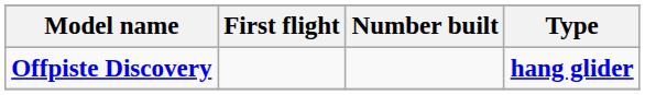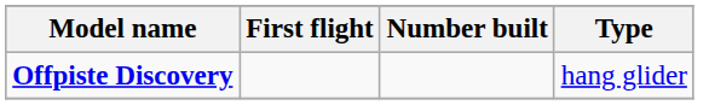 <table class="wikitable" align=center style="font-size:90%;">
 <tr>
 </tr>
 <tr style="background:#efefef;">
 <th>Model name</th>
 <th>First flight</th>
 <th>Number built</th>
 <th>Type</th>
 </tr>
 <tr>
 <td align=left><strong><a href='#'>Offpiste Discovery</a></strong></td>
 <td align=center></td>
 <td align=center></td>
-<td align=left><strong><a href='#'>hang glider</a></strong></td>
+<td align=left><a href='#'>hang glider</a></td>
 </tr>
 <tr>
 </tr>
 </table>
